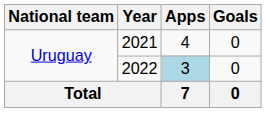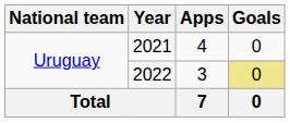 <table class="wikitable" style="text-align:center">
 <tr>
 <th>National team</th>
 <th>Year</th>
 <th>Apps</th>
 <th>Goals</th>
 </tr>
 <tr>
 <td rowspan="2"><a href='#'>Uruguay</a></td>
 <td>2021</td>
 <td>4</td>
 <td>0</td>
 </tr>
 <tr>
 <td>2022</td>
-<td style="background: lightblue;">3</td>
-<td>0</td>
+<td>3</td>
+<td style="background: khaki;">0</td>
 </tr>
 <tr>
 <th colspan="2">Total</th>
 <th>7</th>
 <th>0</th>
 </tr>
 </table>
